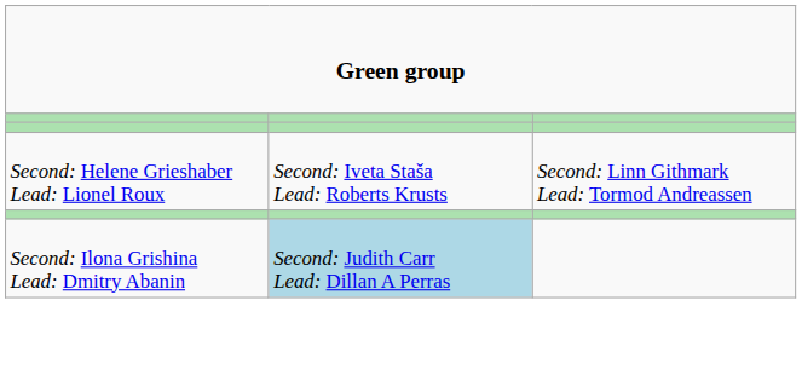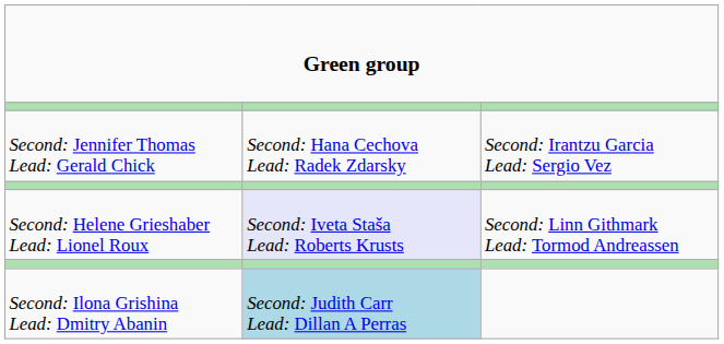 <table class="wikitable">
 <tr>
 <td align=center colspan="3"><br><h3>Green group</h3></td>
 </tr>
 <tr>
 <th style="background: #ACE1AF;" width="200"></th>
 <th style="background: #ACE1AF;" width="200"></th>
 <th style="background: #ACE1AF;" width="200"></th>
 </tr>
 <tr>
+<td><br><em>Second:</em> <a href='#'>Jennifer Thomas</a><br> <em>Lead:</em> <a href='#'>Gerald Chick</a></td>
+<td><br><em>Second:</em> <a href='#'>Hana Cechova</a><br> <em>Lead:</em> <a href='#'>Radek Zdarsky</a></td>
+<td><br><em>Second:</em> <a href='#'>Irantzu Garcia</a><br> <em>Lead:</em> <a href='#'>Sergio Vez</a></td>
+</tr>
+<tr>
 <th style="background: #ACE1AF;" width="200"></th>
 <th style="background: #ACE1AF;" width="200"></th>
 <th style="background: #ACE1AF;" width="200"></th>
 </tr>
 <tr>
 <td><br><em>Second:</em> <a href='#'>Helene Grieshaber</a><br> <em>Lead:</em> <a href='#'>Lionel Roux</a></td>
-<td><br><em>Second:</em> <a href='#'>Iveta Staša</a><br> <em>Lead:</em> <a href='#'>Roberts Krusts</a></td>
+<td style="background: lavender;"><br><em>Second:</em> <a href='#'>Iveta Staša</a><br> <em>Lead:</em> <a href='#'>Roberts Krusts</a></td>
 <td><br><em>Second:</em> <a href='#'>Linn Githmark</a><br> <em>Lead:</em> <a href='#'>Tormod Andreassen</a></td>
 </tr>
 <tr>
 <th style="background: #ACE1AF;" width="200"></th>
 <th style="background: #ACE1AF;" width="200"></th>
 <th style="background: #ACE1AF;" width="200"></th>
 </tr>
 <tr>
 <td><br><em>Second:</em> <a href='#'>Ilona Grishina</a><br> <em>Lead:</em> <a href='#'>Dmitry Abanin</a></td>
 <td style="background: lightblue;"><br><em>Second:</em> <a href='#'>Judith Carr</a><br> <em>Lead:</em> <a href='#'>Dillan A Perras</a></td>
 <td></td>
 </tr>
 </table>
